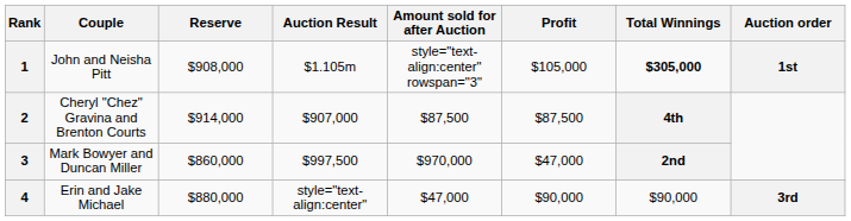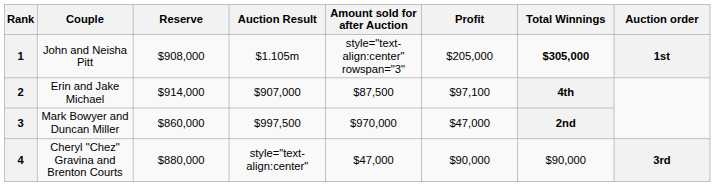 <table class="wikitable sortable" style="text-align:center">
 <tr>
 <th scope="col">Rank</th>
 <th style="width:130px;">Couple</th>
 <th style="width:130px;">Reserve</th>
 <th style="width:130px;">Auction Result</th>
 <th style="width:130px;">Amount sold for after Auction</th>
 <th style="width:130px;">Profit</th>
 <th style="width:130px;">Total Winnings</th>
 <th style="width:130px;">Auction order</th>
 </tr>
 <tr>
 <th>1</th>
 <td style="text-align:center">John and Neisha Pitt</td>
 <td style="text-align:center">$908,000</td>
 <td style="text-align:center">$1.105m</td>
 <td>style="text-align:center" rowspan="3" </td>
-<td style="text-align:center">$105,000</td>
+<td style="text-align:center">$205,000</td>
 <td style="text-align:center"><strong>$305,000</strong></td>
 <th style="text-align:center">1st</th>
 </tr>
 <tr>
 <th>2</th>
-<td style="text-align:center">Cheryl "Chez" Gravina and Brenton Courts</td>
+<td style="text-align:center">Erin and Jake Michael</td>
 <td style="text-align:center">$914,000</td>
 <td style="text-align:center">$907,000</td>
 <td style="text-align:center">$87,500</td>
-<td style="text-align:center">$87,500</td>
+<td style="text-align:center">$97,100</td>
 <th style="text-align:center">4th</th>
 </tr>
 <tr>
 <th>3</th>
 <td style="text-align:center">Mark Bowyer and Duncan Miller</td>
 <td style="text-align:center">$860,000</td>
 <td style="text-align:center">$997,500</td>
 <td style="text-align:center">$970,000</td>
 <td style="text-align:center">$47,000</td>
 <th style="text-align:center">2nd</th>
 </tr>
 <tr>
 <th>4</th>
-<td style="text-align:center">Erin and Jake Michael</td>
+<td style="text-align:center">Cheryl "Chez" Gravina and Brenton Courts</td>
 <td style="text-align:center">$880,000</td>
 <td>style="text-align:center" </td>
 <td style="text-align:center">$47,000</td>
 <td style="text-align:center">$90,000</td>
 <td style="text-align:center">$90,000</td>
 <th style="text-align:center">3rd</th>
 </tr>
 </table>
